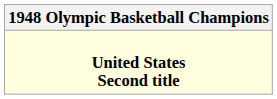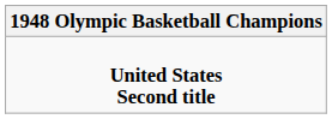 <table class=wikitable style="text-align:center">
 <tr>
 <th>1948 Olympic Basketball Champions</th>
 </tr>
 <tr>
-<td style="background: lightyellow;"> <br> <strong>United States</strong> <br> <strong>Second title</strong></td>
+<td> <br> <strong>United States</strong> <br> <strong>Second title</strong></td>
 </tr>
 </table>
